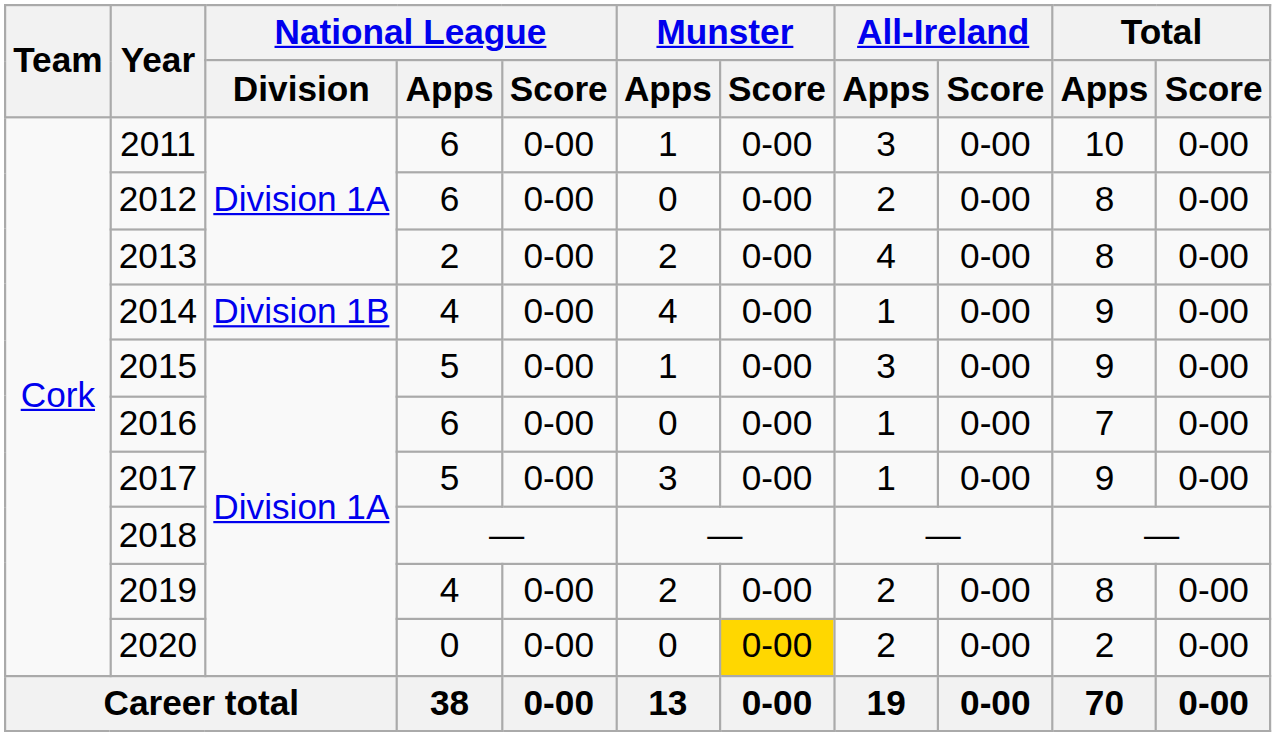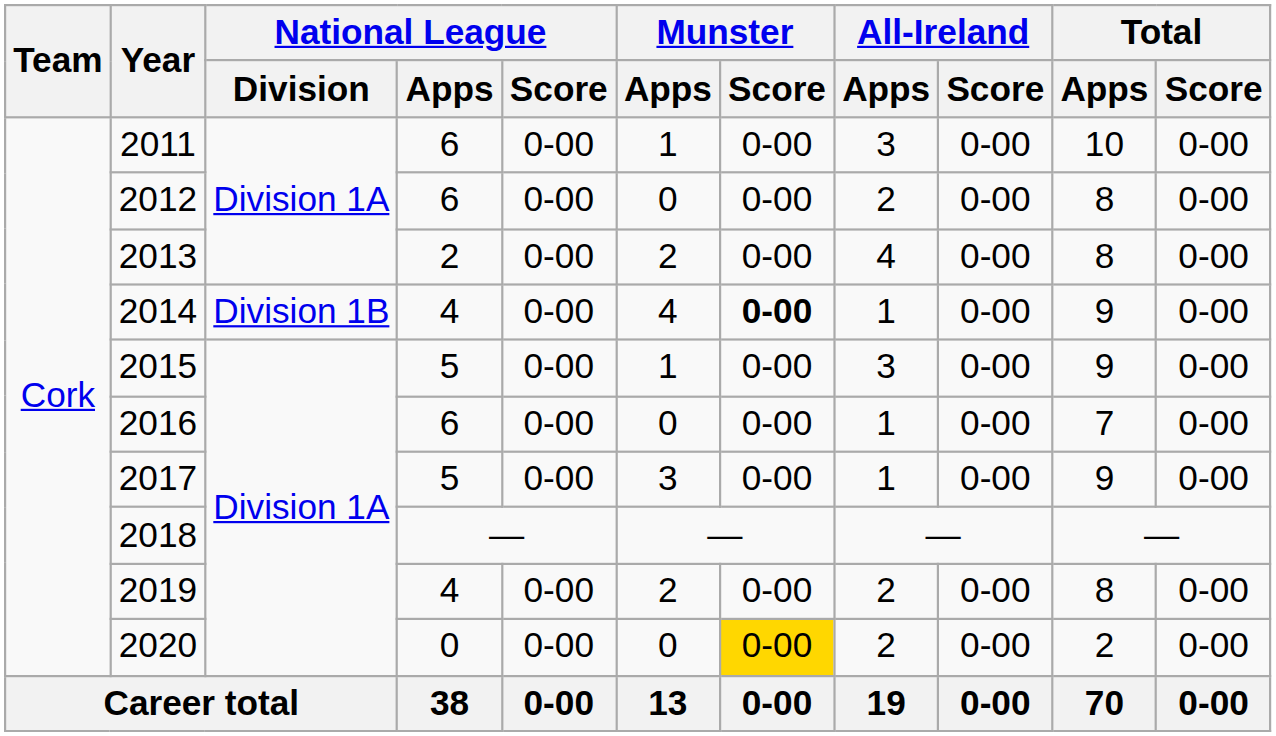 <table class="wikitable" style="text-align:center">
 <tr>
 <th rowspan="2">Team</th>
 <th rowspan="2">Year</th>
 <th colspan="3"><a href='#'>National League</a></th>
 <th colspan="2"><a href='#'>Munster</a></th>
 <th colspan="2"><a href='#'>All-Ireland</a></th>
 <th colspan="2">Total</th>
 </tr>
 <tr>
 <th>Division</th>
 <th>Apps</th>
 <th>Score</th>
 <th>Apps</th>
 <th>Score</th>
 <th>Apps</th>
 <th>Score</th>
 <th>Apps</th>
 <th>Score</th>
 </tr>
 <tr>
 <td rowspan="10"><a href='#'>Cork</a></td>
 <td>2011</td>
 <td rowspan="3"><a href='#'>Division 1A</a></td>
 <td>6</td>
 <td>0-00</td>
 <td>1</td>
 <td>0-00</td>
 <td>3</td>
 <td>0-00</td>
 <td>10</td>
 <td>0-00</td>
 </tr>
 <tr>
 <td>2012</td>
 <td>6</td>
 <td>0-00</td>
 <td>0</td>
 <td>0-00</td>
 <td>2</td>
 <td>0-00</td>
 <td>8</td>
 <td>0-00</td>
 </tr>
 <tr>
 <td>2013</td>
 <td>2</td>
 <td>0-00</td>
 <td>2</td>
 <td>0-00</td>
 <td>4</td>
 <td>0-00</td>
 <td>8</td>
 <td>0-00</td>
 </tr>
 <tr>
 <td>2014</td>
 <td rowspan="1"><a href='#'>Division 1B</a></td>
 <td>4</td>
 <td>0-00</td>
 <td>4</td>
-<td>0-00</td>
+<td><strong>0-00</strong></td>
 <td>1</td>
 <td>0-00</td>
 <td>9</td>
 <td>0-00</td>
 </tr>
 <tr>
 <td>2015</td>
 <td rowspan="6"><a href='#'>Division 1A</a></td>
 <td>5</td>
 <td>0-00</td>
 <td>1</td>
 <td>0-00</td>
 <td>3</td>
 <td>0-00</td>
 <td>9</td>
 <td>0-00</td>
 </tr>
 <tr>
 <td>2016</td>
 <td>6</td>
 <td>0-00</td>
 <td>0</td>
 <td>0-00</td>
 <td>1</td>
 <td>0-00</td>
 <td>7</td>
 <td>0-00</td>
 </tr>
 <tr>
 <td>2017</td>
 <td>5</td>
 <td>0-00</td>
 <td>3</td>
 <td>0-00</td>
 <td>1</td>
 <td>0-00</td>
 <td>9</td>
 <td>0-00</td>
 </tr>
 <tr>
 <td>2018</td>
 <td colspan=2>—</td>
 <td colspan=2>—</td>
 <td colspan=2>—</td>
 <td colspan=2>—</td>
 </tr>
 <tr>
 <td>2019</td>
 <td>4</td>
 <td>0-00</td>
 <td>2</td>
 <td>0-00</td>
 <td>2</td>
 <td>0-00</td>
 <td>8</td>
 <td>0-00</td>
 </tr>
 <tr>
 <td>2020</td>
 <td>0</td>
 <td>0-00</td>
 <td>0</td>
 <td style="background: gold;">0-00</td>
 <td>2</td>
 <td>0-00</td>
 <td>2</td>
 <td>0-00</td>
 </tr>
 <tr>
 <th colspan="3">Career total</th>
 <th>38</th>
 <th>0-00</th>
 <th>13</th>
 <th>0-00</th>
 <th>19</th>
 <th>0-00</th>
 <th>70</th>
 <th>0-00</th>
 </tr>
 </table>
